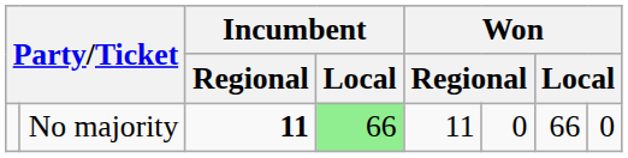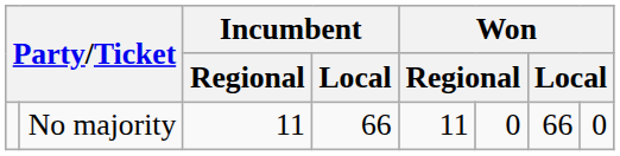 <table class="wikitable" style="text-align:right">
 <tr>
 <th colspan="2" rowspan="2"><a href='#'>Party</a>/<a href='#'>Ticket</a></th>
 <th colspan="2">Incumbent</th>
 <th colspan="4">Won</th>
 </tr>
 <tr>
 <th>Regional</th>
 <th>Local</th>
 <th colspan="2">Regional</th>
 <th colspan="2">Local</th>
 </tr>
 <tr>
 <td></td>
 <td>No majority</td>
-<td><strong>11</strong></td>
-<td style="background: lightgreen;">66</td>
+<td>11</td>
+<td>66</td>
 <td>11</td>
 <td> 0</td>
 <td>66</td>
 <td> 0</td>
 </tr>
 </table>
